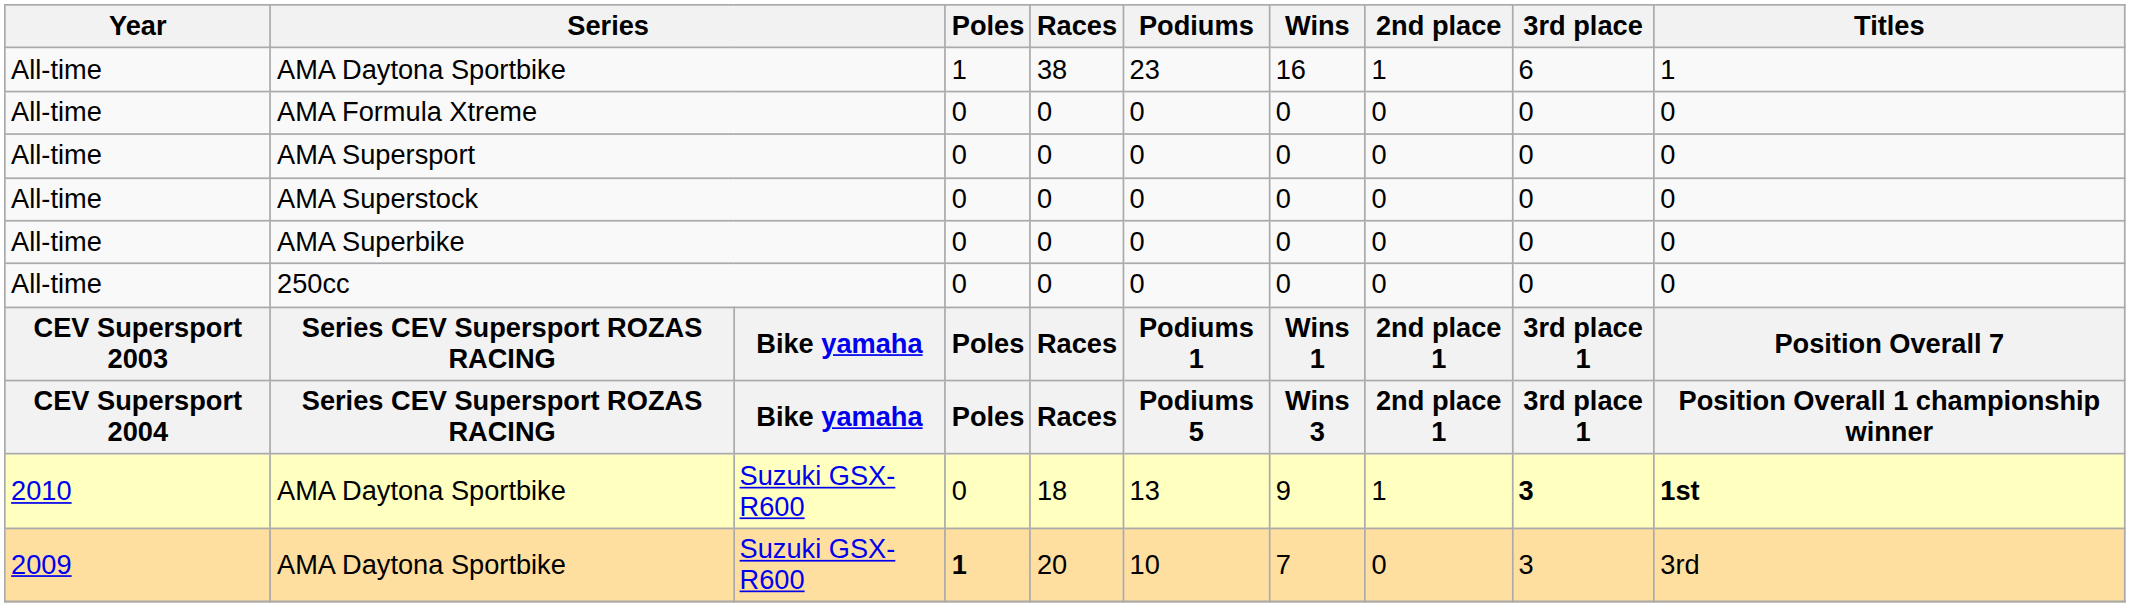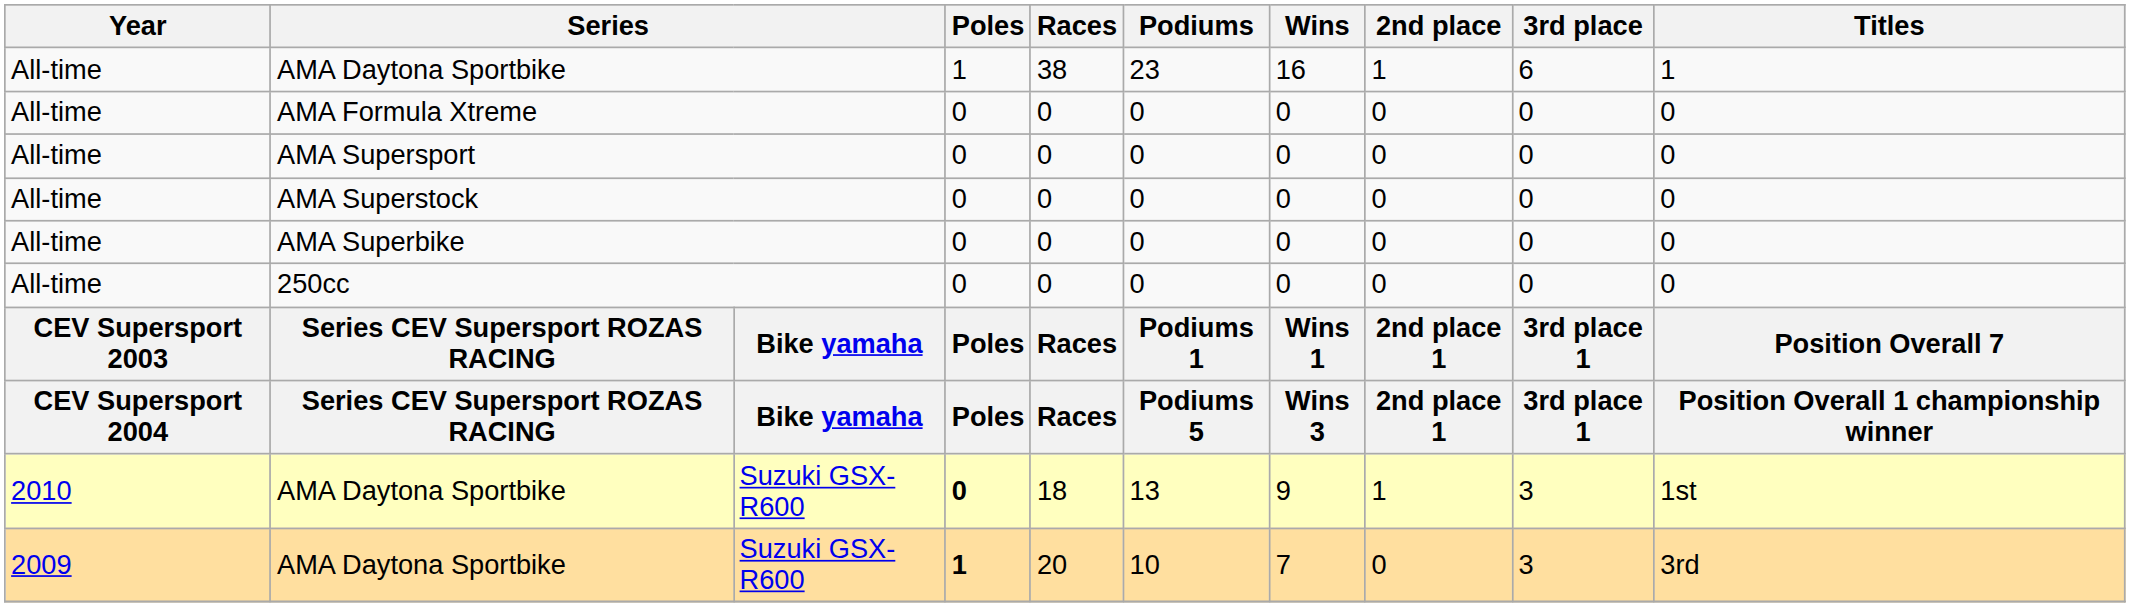 <table class="wikitable">
 <tr>
 <th>Year</th>
 <th colspan=2>Series</th>
 <th>Poles</th>
 <th>Races</th>
 <th>Podiums</th>
 <th>Wins</th>
 <th>2nd place</th>
 <th>3rd place</th>
 <th>Titles</th>
 </tr>
 <tr>
 <td>All-time</td>
 <td colspan=2>AMA Daytona Sportbike</td>
 <td>1</td>
 <td>38</td>
 <td>23</td>
 <td>16</td>
 <td>1</td>
 <td>6</td>
 <td>1</td>
 </tr>
 <tr>
 <td>All-time</td>
 <td colspan=2>AMA Formula Xtreme</td>
 <td>0</td>
 <td>0</td>
 <td>0</td>
 <td>0</td>
 <td>0</td>
 <td>0</td>
 <td>0</td>
 </tr>
 <tr>
 <td>All-time</td>
 <td colspan=2>AMA Supersport</td>
 <td>0</td>
 <td>0</td>
 <td>0</td>
 <td>0</td>
 <td>0</td>
 <td>0</td>
 <td>0</td>
 </tr>
 <tr>
 <td>All-time</td>
 <td colspan=2>AMA Superstock</td>
 <td>0</td>
 <td>0</td>
 <td>0</td>
 <td>0</td>
 <td>0</td>
 <td>0</td>
 <td>0</td>
 </tr>
 <tr>
 <td>All-time</td>
 <td colspan=2>AMA Superbike</td>
 <td>0</td>
 <td>0</td>
 <td>0</td>
 <td>0</td>
 <td>0</td>
 <td>0</td>
 <td>0</td>
 </tr>
 <tr>
 <td>All-time</td>
 <td colspan=2>250cc</td>
 <td>0</td>
 <td>0</td>
 <td>0</td>
 <td>0</td>
 <td>0</td>
 <td>0</td>
 <td>0</td>
 </tr>
 <tr All-time>
 <th>CEV Supersport 2003</th>
 <th>Series CEV Supersport ROZAS RACING</th>
 <th>Bike <a href='#'>yamaha</a></th>
 <th>Poles</th>
 <th>Races</th>
 <th>Podiums 1</th>
 <th>Wins 1</th>
 <th>2nd place 1</th>
 <th>3rd place 1</th>
 <th>Position Overall 7</th>
 </tr>
 <tr All-time>
 <th>CEV Supersport 2004</th>
 <th>Series CEV Supersport ROZAS RACING</th>
 <th>Bike <a href='#'>yamaha</a></th>
 <th>Poles</th>
 <th>Races</th>
 <th>Podiums 5</th>
 <th>Wins 3</th>
 <th>2nd place 1</th>
 <th>3rd place 1</th>
 <th>Position Overall 1 championship winner</th>
 </tr>
 <tr>
 <td style="background:#ffffbf;"><a href='#'>2010</a></td>
 <td style="background:#ffffbf;">AMA Daytona Sportbike</td>
 <td style="background:#ffffbf;"><a href='#'>Suzuki GSX-R600</a></td>
-<td style="background:#ffffbf;">0</td>
+<td style="background:#ffffbf;"><strong>0</strong></td>
 <td style="background:#ffffbf;">18</td>
 <td style="background:#ffffbf;">13</td>
 <td style="background:#ffffbf;">9</td>
 <td style="background:#ffffbf;">1</td>
-<td style="background:#ffffbf;"><strong>3</strong></td>
-<td style="background:#ffffbf;"><strong>1st</strong></td>
+<td style="background:#ffffbf;">3</td>
+<td style="background:#ffffbf;">1st</td>
 </tr>
 <tr>
 <td style="background:#ffdf9f;"><a href='#'>2009</a></td>
 <td style="background:#ffdf9f;">AMA Daytona Sportbike</td>
 <td style="background:#ffdf9f;"><a href='#'>Suzuki GSX-R600</a></td>
 <td style="background:#ffdf9f;"><strong>1</strong></td>
 <td style="background:#ffdf9f;">20</td>
 <td style="background:#ffdf9f;">10</td>
 <td style="background:#ffdf9f;">7</td>
 <td style="background:#ffdf9f;">0</td>
 <td style="background:#ffdf9f;">3</td>
 <td style="background:#ffdf9f;">3rd</td>
 </tr>
 <tr>
 </tr>
 </table>
